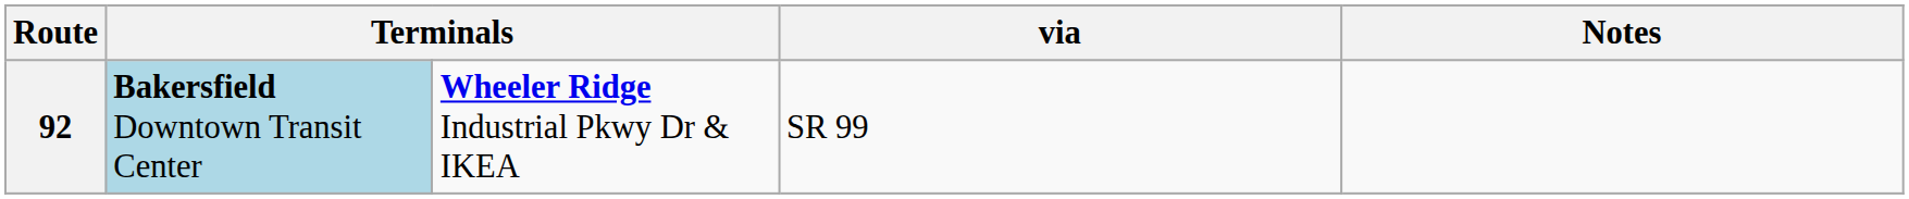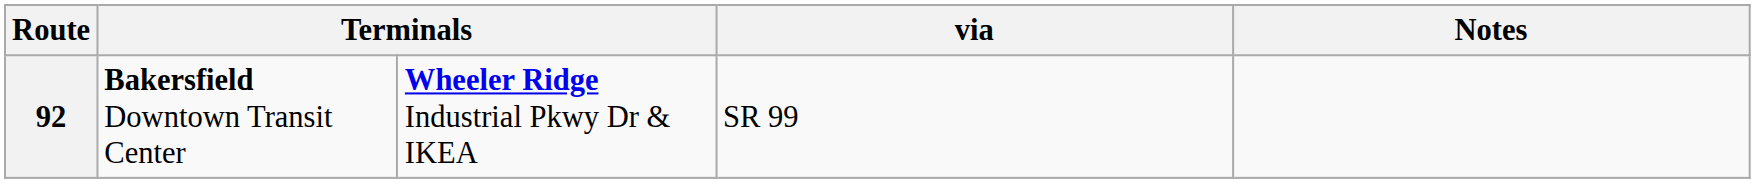 <table class="wikitable" style="font-size: 95%;" |>
 <tr>
 <th>Route</th>
 <th colspan="2">Terminals</th>
 <th width="250px">via</th>
 <th width="250px">Notes</th>
 </tr>
 <tr>
 <th>92<br></th>
-<td style="background: lightblue;"><strong>Bakersfield</strong><br>Downtown Transit Center</td>
+<td><strong>Bakersfield</strong><br>Downtown Transit Center</td>
 <td><a href='#'><strong>Wheeler Ridge</strong></a><br>Industrial Pkwy Dr & IKEA</td>
 <td>SR 99</td>
 <td></td>
 </tr>
 </table>
